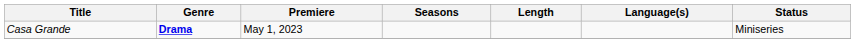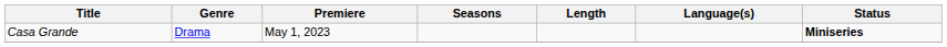 <table class="wikitable sortable" style="width:100%;">
 <tr>
 <th>Title</th>
 <th>Genre</th>
 <th>Premiere</th>
 <th>Seasons</th>
 <th>Length</th>
 <th>Language(s)</th>
 <th>Status</th>
 </tr>
 <tr>
 <td><em>Casa Grande</em></td>
-<td><strong><a href='#'>Drama</a></strong></td>
+<td><a href='#'>Drama</a></td>
 <td>May 1, 2023</td>
 <td></td>
 <td></td>
 <td></td>
-<td>Miniseries</td>
+<td><strong>Miniseries</strong></td>
 </tr>
 <tr>
 </tr>
 </table>
